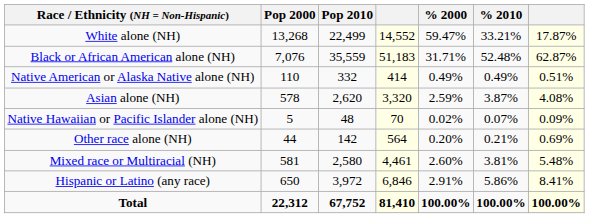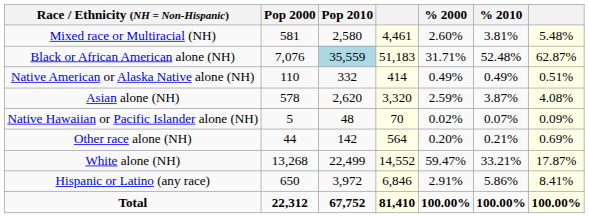 <table class="wikitable" style="text-align:center;">
 <tr>
 <th>Race / Ethnicity <small>(<em>NH = Non-Hispanic</em>)</small></th>
 <th>Pop 2000</th>
 <th>Pop 2010</th>
 <th></th>
 <th>% 2000</th>
 <th>% 2010</th>
 <th></th>
 </tr>
 <tr>
-<td><a href='#'>White</a> alone (NH)</td>
-<td>13,268</td>
-<td>22,499</td>
-<td style='background: #ffffe6;'>14,552</td>
-<td>59.47%</td>
-<td>33.21%</td>
-<td style='background: #ffffe6;'>17.87%</td>
+<td><a href='#'>Mixed race or Multiracial</a> (NH)</td>
+<td>581</td>
+<td>2,580</td>
+<td style='background: #ffffe6;'>4,461</td>
+<td>2.60%</td>
+<td>3.81%</td>
+<td style='background: #ffffe6;'>5.48%</td>
 </tr>
 <tr>
 <td><a href='#'>Black or African American</a> alone (NH)</td>
 <td>7,076</td>
-<td>35,559</td>
+<td style="background: lightblue;">35,559</td>
 <td style='background: #ffffe6;'>51,183</td>
 <td>31.71%</td>
 <td>52.48%</td>
 <td style='background: #ffffe6;'>62.87%</td>
 </tr>
 <tr>
 <td><a href='#'>Native American</a> or <a href='#'>Alaska Native</a> alone (NH)</td>
 <td>110</td>
 <td>332</td>
 <td style='background: #ffffe6;'>414</td>
 <td>0.49%</td>
 <td>0.49%</td>
 <td style='background: #ffffe6;'>0.51%</td>
 </tr>
 <tr>
 <td><a href='#'>Asian</a> alone (NH)</td>
 <td>578</td>
 <td>2,620</td>
 <td style='background: #ffffe6;'>3,320</td>
 <td>2.59%</td>
 <td>3.87%</td>
 <td style='background: #ffffe6;'>4.08%</td>
 </tr>
 <tr>
 <td><a href='#'>Native Hawaiian</a> or <a href='#'>Pacific Islander</a> alone (NH)</td>
 <td>5</td>
 <td>48</td>
 <td style='background: #ffffe6;'>70</td>
 <td>0.02%</td>
 <td>0.07%</td>
 <td style='background: #ffffe6;'>0.09%</td>
 </tr>
 <tr>
 <td><a href='#'>Other race</a> alone (NH)</td>
 <td>44</td>
 <td>142</td>
 <td style='background: #ffffe6;'>564</td>
 <td>0.20%</td>
 <td>0.21%</td>
 <td style='background: #ffffe6;'>0.69%</td>
 </tr>
 <tr>
-<td><a href='#'>Mixed race or Multiracial</a> (NH)</td>
-<td>581</td>
-<td>2,580</td>
-<td style='background: #ffffe6;'>4,461</td>
-<td>2.60%</td>
-<td>3.81%</td>
-<td style='background: #ffffe6;'>5.48%</td>
+<td><a href='#'>White</a> alone (NH)</td>
+<td>13,268</td>
+<td>22,499</td>
+<td style='background: #ffffe6;'>14,552</td>
+<td>59.47%</td>
+<td>33.21%</td>
+<td style='background: #ffffe6;'>17.87%</td>
 </tr>
 <tr>
 <td><a href='#'>Hispanic or Latino</a> (any race)</td>
 <td>650</td>
 <td>3,972</td>
 <td style='background: #ffffe6;'>6,846</td>
 <td>2.91%</td>
 <td>5.86%</td>
 <td style='background: #ffffe6;'>8.41%</td>
 </tr>
 <tr>
 <td><strong>Total</strong></td>
 <td><strong>22,312</strong></td>
 <td><strong>67,752</strong></td>
 <td style='background: #ffffe6;'><strong>81,410</strong></td>
 <td><strong>100.00%</strong></td>
 <td><strong>100.00%</strong></td>
 <td style='background: #ffffe6;'><strong>100.00%</strong></td>
 </tr>
 </table>
